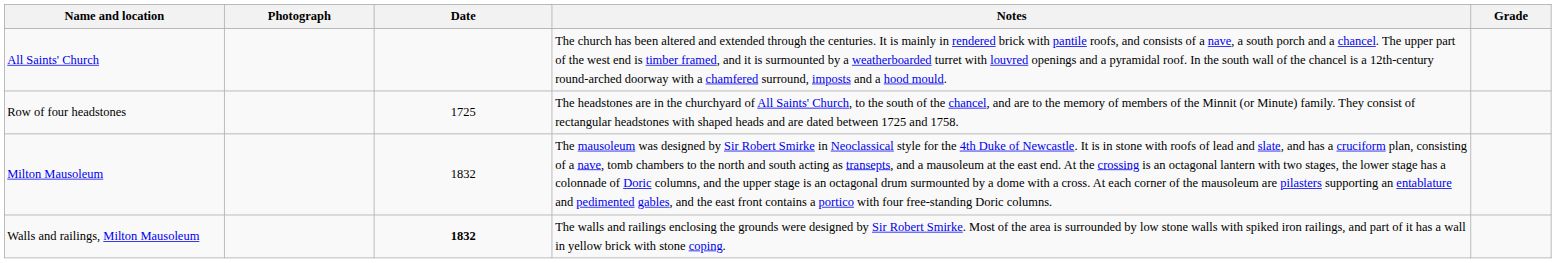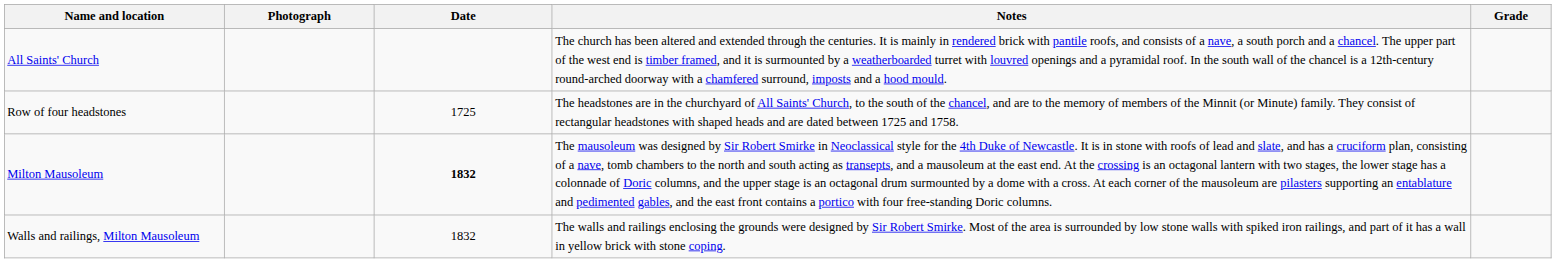 <table class="wikitable sortable plainrowheaders" style="width:100%; border:0px; text-align:left; line-height:150%">
 <tr>
 <th scope="col"  style="width:150px">Name and location</th>
 <th scope="col"  style="width:100px" class="unsortable">Photograph</th>
 <th scope="col"  style="width:120px">Date</th>
 <th scope="col"  style="width:650px" class="unsortable">Notes</th>
 <th scope="col"  style="width:50px">Grade</th>
 </tr>
 <tr>
 <td><a href='#'>All Saints' Church</a><br><small></small></td>
 <td></td>
 <td align="center"></td>
 <td>The church has been altered and extended through the centuries.  It is mainly in <a href='#'>rendered</a> brick with <a href='#'>pantile</a> roofs, and consists of a <a href='#'>nave</a>, a south porch and a <a href='#'>chancel</a>.  The upper part of the west end is <a href='#'>timber framed</a>, and it is surmounted by a <a href='#'>weatherboarded</a> turret with <a href='#'>louvred</a> openings and a pyramidal roof.  In the south wall of the chancel is a 12th-century round-arched doorway with a <a href='#'>chamfered</a> surround, <a href='#'>imposts</a> and a <a href='#'>hood mould</a>.</td>
 <td align="center" ></td>
 </tr>
 <tr>
 <td>Row of four headstones<br><small></small></td>
 <td></td>
 <td align="center">1725</td>
 <td>The headstones are in the churchyard of <a href='#'>All Saints' Church</a>, to the south of the <a href='#'>chancel</a>, and are to the memory of members of the Minnit (or Minute) family.  They consist of rectangular headstones with shaped heads and are dated between 1725 and 1758.</td>
 <td align="center" ></td>
 </tr>
 <tr>
 <td><a href='#'>Milton Mausoleum</a><br><small></small></td>
 <td></td>
-<td align="center">1832</td>
+<td align="center"><strong>1832</strong></td>
 <td>The <a href='#'>mausoleum</a> was designed by <a href='#'>Sir Robert Smirke</a> in <a href='#'>Neoclassical</a> style for the <a href='#'>4th Duke of Newcastle</a>.  It is in stone with roofs of lead and <a href='#'>slate</a>, and has a <a href='#'>cruciform</a> plan, consisting of a <a href='#'>nave</a>, tomb chambers to the north and south acting as <a href='#'>transepts</a>, and a mausoleum at the east end.  At the <a href='#'>crossing</a> is an octagonal lantern with two stages, the lower stage has a colonnade of <a href='#'>Doric</a> columns, and the upper stage is an octagonal drum surmounted by a dome with a cross.  At each corner of the mausoleum are <a href='#'>pilasters</a> supporting an <a href='#'>entablature</a> and <a href='#'>pedimented</a> <a href='#'>gables</a>, and the east front contains a <a href='#'>portico</a> with four free-standing Doric columns.</td>
 <td align="center" ></td>
 </tr>
 <tr>
 <td>Walls and railings, <a href='#'>Milton Mausoleum</a><br><small></small></td>
 <td></td>
-<td align="center"><strong>1832</strong></td>
+<td align="center">1832</td>
 <td>The walls and railings enclosing the grounds were designed by <a href='#'>Sir Robert Smirke</a>.  Most of the area is surrounded by low stone walls with spiked iron railings, and part of it has a wall in yellow brick with stone <a href='#'>coping</a>.</td>
 <td align="center" ></td>
 </tr>
 <tr>
 </tr>
 </table>
